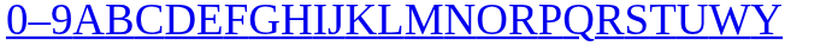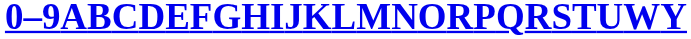 <table id="toc" class="toc" summary="Class">
 <tr>
 <th></th>
 </tr>
 <tr>
-<td><a href='#'>0–9</a><a href='#'>A</a><a href='#'>B</a><a href='#'>C</a><a href='#'>D</a><a href='#'>E</a><a href='#'>F</a><a href='#'>G</a><a href='#'>H</a><a href='#'>I</a><a href='#'>J</a><a href='#'>K</a><a href='#'>L</a><a href='#'>M</a><a href='#'>N</a><a href='#'>O</a><a href='#'>R</a><a href='#'>P</a><a href='#'>Q</a><a href='#'>R</a><a href='#'>S</a><a href='#'>T</a><a href='#'>U</a><a href='#'>W</a><a href='#'>Y</a></td>
+<td><strong><a href='#'>0–9</a><a href='#'>A</a><a href='#'>B</a><a href='#'>C</a><a href='#'>D</a><a href='#'>E</a><a href='#'>F</a><a href='#'>G</a><a href='#'>H</a><a href='#'>I</a><a href='#'>J</a><a href='#'>K</a><a href='#'>L</a><a href='#'>M</a><a href='#'>N</a><a href='#'>O</a><a href='#'>R</a><a href='#'>P</a><a href='#'>Q</a><a href='#'>R</a><a href='#'>S</a><a href='#'>T</a><a href='#'>U</a><a href='#'>W</a><a href='#'>Y</a></strong></td>
 </tr>
 </table>
